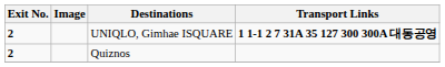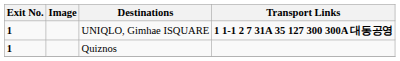 <table class="wikitable">
 <tr>
 <th>Exit No.</th>
 <th>Image</th>
 <th>Destinations</th>
 <th>Transport Links</th>
 </tr>
 <tr>
-<td style="background:#"><strong>2</strong></td>
+<td style="background:#"><strong>1</strong></td>
 <td></td>
 <td>UNIQLO, Gimhae ISQUARE</td>
 <td><strong><span>1</span> <span>1-1</span> <span>2</span> <span>7 31A 35</span> <span>127 300</span> <span>300A</span> <span>대동공영</span></strong></td>
 </tr>
 <tr>
-<td style="background:#"><strong>2</strong></td>
+<td style="background:#"><strong>1</strong></td>
 <td></td>
 <td>Quiznos</td>
 <td></td>
 </tr>
 <tr>
 </tr>
 </table>
